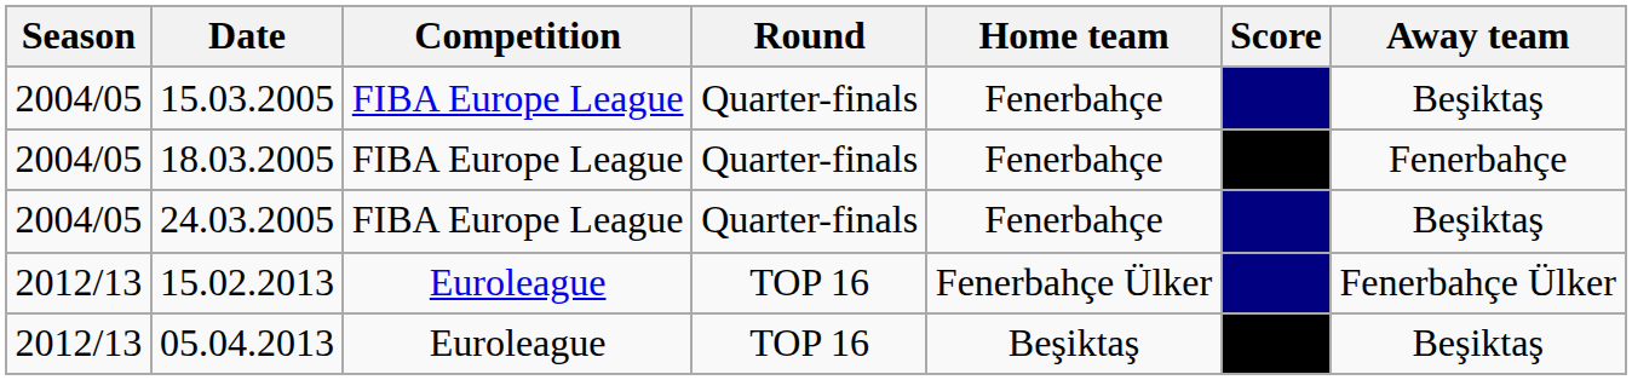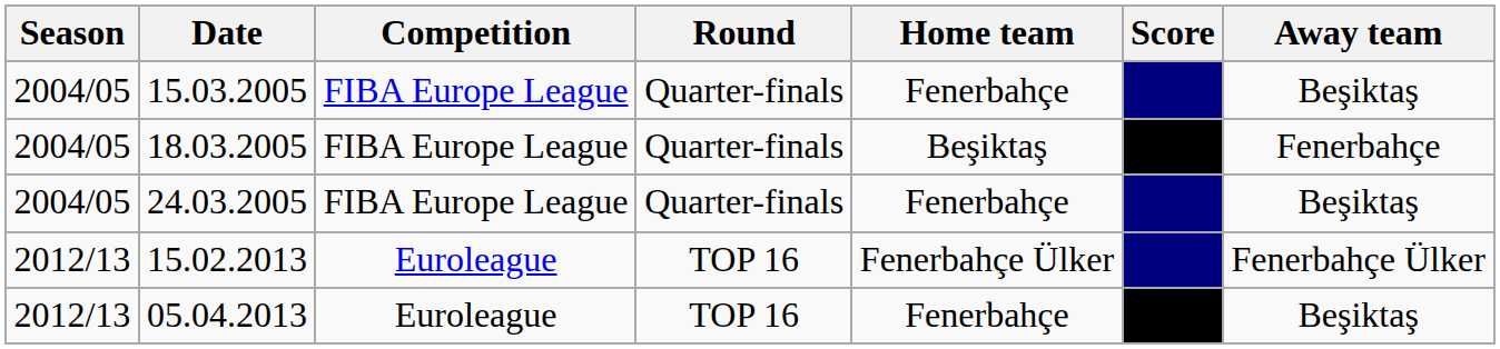 <table class="wikitable" style="text-align: center;">
 <tr>
 <th>Season</th>
 <th>Date</th>
 <th>Competition</th>
 <th>Round</th>
 <th>Home team</th>
 <th>Score</th>
 <th>Away team</th>
 </tr>
 <tr>
 <td>2004/05</td>
 <td>15.03.2005</td>
 <td><a href='#'>FIBA Europe League</a></td>
 <td>Quarter-finals</td>
 <td>Fenerbahçe</td>
 <td bgcolor=navy></td>
 <td>Beşiktaş</td>
 </tr>
 <tr>
 <td>2004/05</td>
 <td>18.03.2005</td>
 <td>FIBA Europe League</td>
 <td>Quarter-finals</td>
-<td>Fenerbahçe</td>
+<td>Beşiktaş</td>
 <td bgcolor=black></td>
 <td>Fenerbahçe</td>
 </tr>
 <tr>
 <td>2004/05</td>
 <td>24.03.2005</td>
 <td>FIBA Europe League</td>
 <td>Quarter-finals</td>
 <td>Fenerbahçe</td>
 <td bgcolor=navy></td>
 <td>Beşiktaş</td>
 </tr>
 <tr>
 <td>2012/13</td>
 <td>15.02.2013</td>
 <td><a href='#'>Euroleague</a></td>
 <td>TOP 16</td>
 <td>Fenerbahçe Ülker</td>
 <td bgcolor=navy></td>
 <td>Fenerbahçe Ülker</td>
 </tr>
 <tr>
 <td>2012/13</td>
 <td>05.04.2013</td>
 <td>Euroleague</td>
 <td>TOP 16</td>
-<td>Beşiktaş</td>
+<td>Fenerbahçe</td>
 <td bgcolor=black></td>
 <td>Beşiktaş</td>
 </tr>
 </table>
